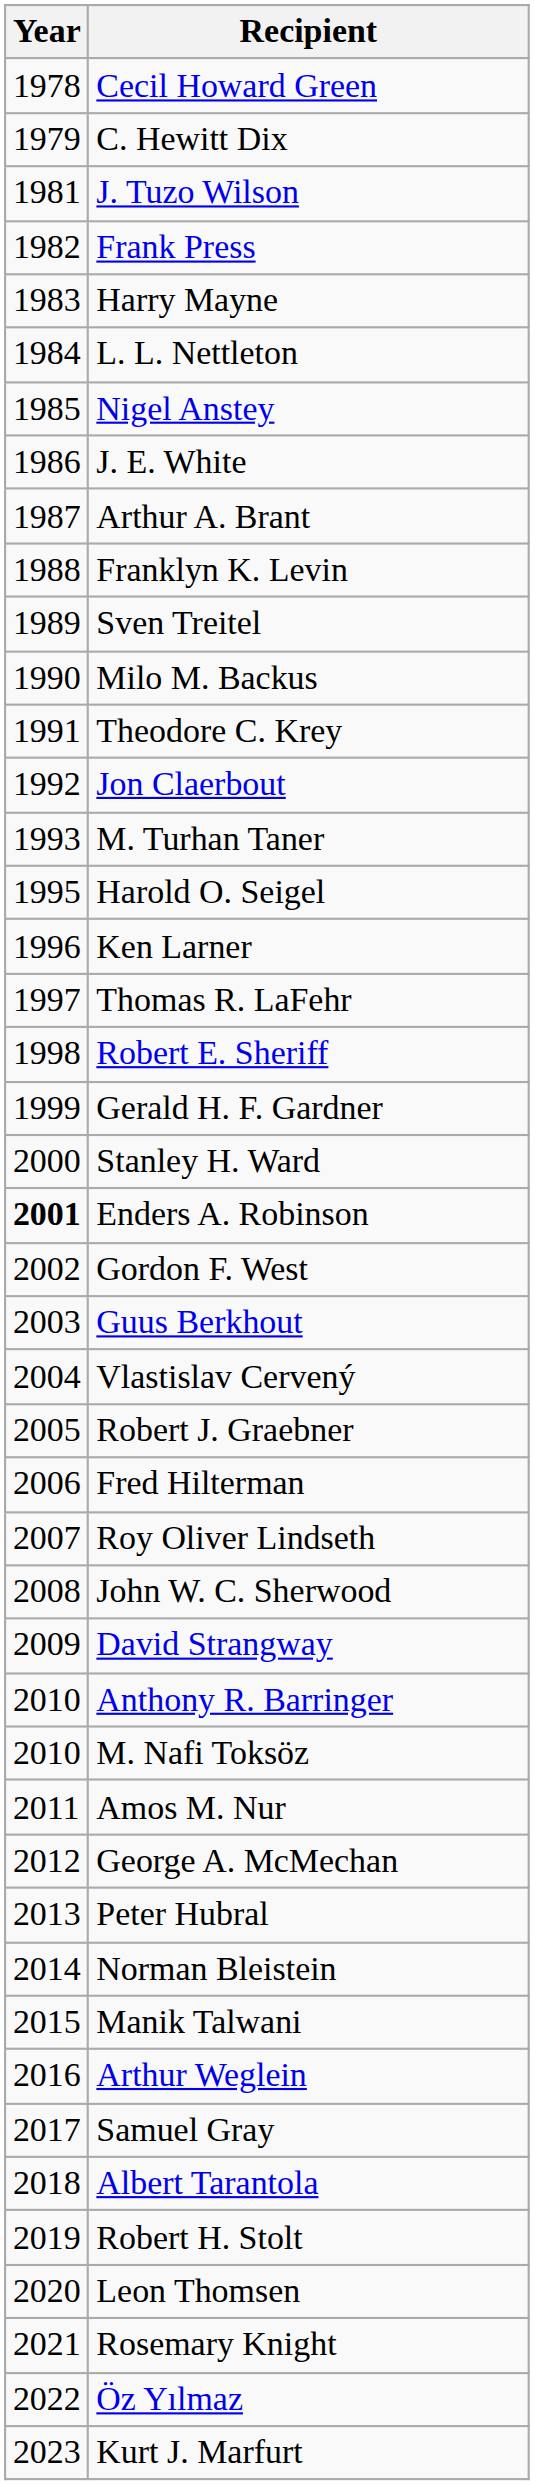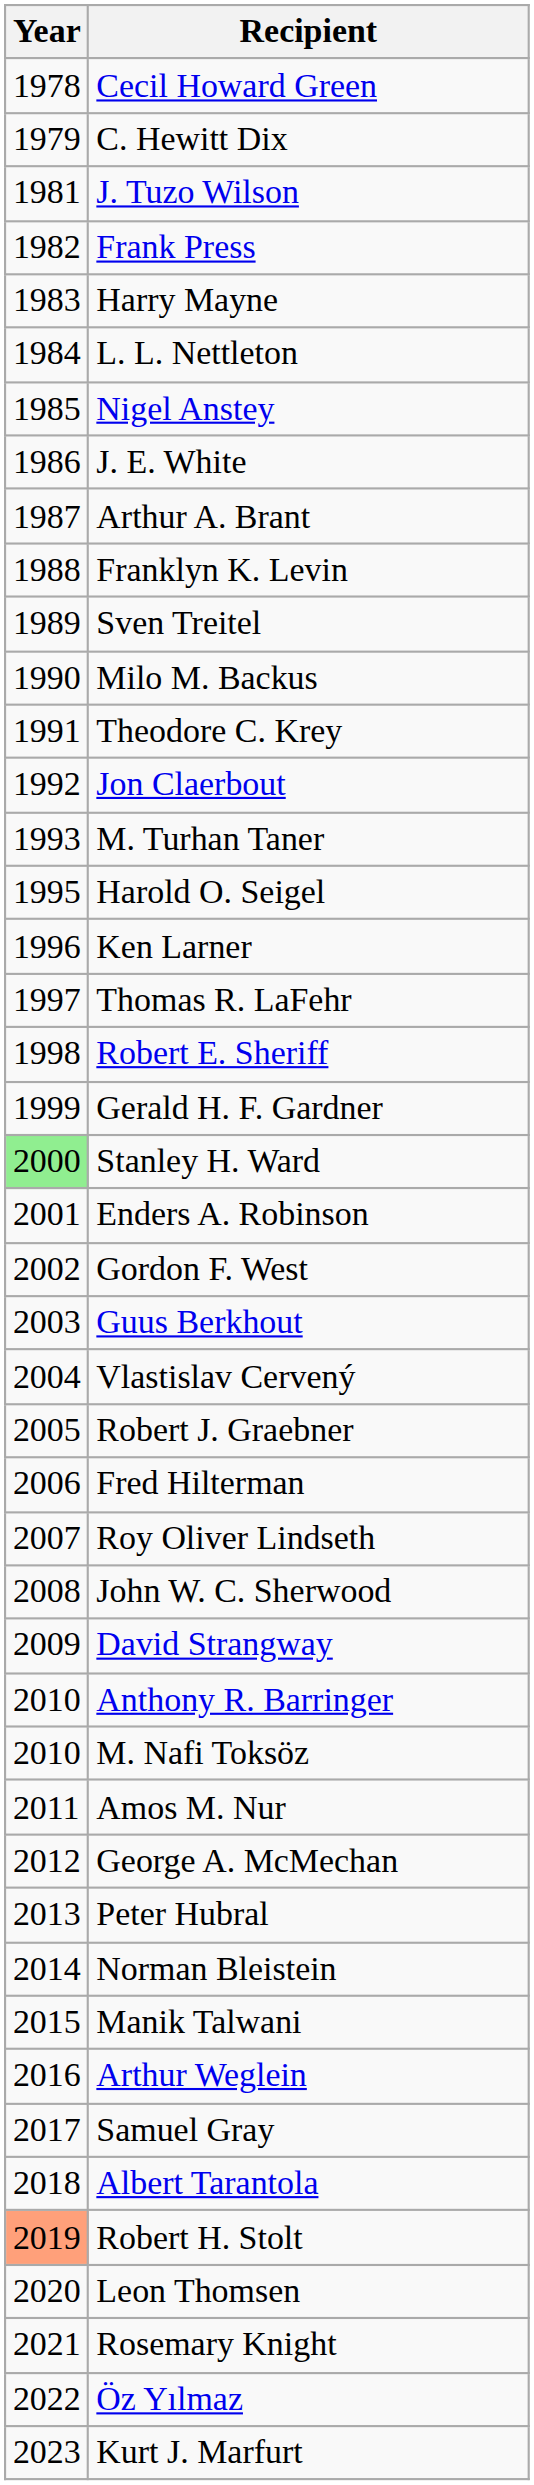 <table class="wikitable">
 <tr>
 <th>Year</th>
 <th width="200">Recipient</th>
 </tr>
 <tr>
 <td>1978</td>
 <td><a href='#'>Cecil Howard Green</a></td>
 </tr>
 <tr>
 <td>1979</td>
 <td>C. Hewitt Dix</td>
 </tr>
 <tr>
 <td>1981</td>
 <td><a href='#'>J. Tuzo Wilson</a></td>
 </tr>
 <tr>
 <td>1982</td>
 <td><a href='#'>Frank Press</a></td>
 </tr>
 <tr>
 <td>1983</td>
 <td>Harry Mayne</td>
 </tr>
 <tr .>
 <td>1984</td>
 <td>L. L. Nettleton</td>
 </tr>
 <tr>
 <td>1985</td>
 <td><a href='#'>Nigel Anstey</a></td>
 </tr>
 <tr>
 <td>1986</td>
 <td>J. E. White</td>
 </tr>
 <tr>
 <td>1987</td>
 <td>Arthur A. Brant</td>
 </tr>
 <tr>
 <td>1988</td>
 <td>Franklyn K. Levin</td>
 </tr>
 <tr>
 <td>1989</td>
 <td>Sven Treitel</td>
 </tr>
 <tr>
 <td>1990</td>
 <td>Milo M. Backus</td>
 </tr>
 <tr>
 <td>1991</td>
 <td>Theodore C. Krey</td>
 </tr>
 <tr>
 <td>1992</td>
 <td><a href='#'>Jon Claerbout</a></td>
 </tr>
 <tr>
 <td>1993</td>
 <td>M. Turhan Taner</td>
 </tr>
 <tr>
 <td>1995</td>
 <td>Harold O. Seigel</td>
 </tr>
 <tr>
 <td>1996</td>
 <td>Ken Larner</td>
 </tr>
 <tr>
 <td>1997</td>
 <td>Thomas R. LaFehr</td>
 </tr>
 <tr>
 <td>1998</td>
 <td><a href='#'>Robert E. Sheriff</a></td>
 </tr>
 <tr>
 <td>1999</td>
 <td>Gerald H. F. Gardner</td>
 </tr>
 <tr>
-<td>2000</td>
+<td style="background: lightgreen;">2000</td>
 <td>Stanley H. Ward</td>
 </tr>
 <tr>
-<td><strong>2001</strong></td>
+<td>2001</td>
 <td>Enders A. Robinson</td>
 </tr>
 <tr>
 <td>2002</td>
 <td>Gordon F. West</td>
 </tr>
 <tr>
 <td>2003</td>
 <td><a href='#'>Guus Berkhout</a></td>
 </tr>
 <tr>
 <td>2004</td>
 <td>Vlastislav Cervený</td>
 </tr>
 <tr>
 <td>2005</td>
 <td>Robert J. Graebner</td>
 </tr>
 <tr>
 <td>2006</td>
 <td>Fred Hilterman</td>
 </tr>
 <tr>
 <td>2007</td>
 <td>Roy Oliver Lindseth</td>
 </tr>
 <tr>
 <td>2008</td>
 <td>John W. C. Sherwood</td>
 </tr>
 <tr>
 <td>2009</td>
 <td><a href='#'>David Strangway</a></td>
 </tr>
 <tr>
 <td>2010</td>
 <td><a href='#'>Anthony R. Barringer</a></td>
 </tr>
 <tr>
 <td>2010</td>
 <td>M. Nafi Toksöz</td>
 </tr>
 <tr>
 <td>2011</td>
 <td>Amos M. Nur</td>
 </tr>
 <tr>
 <td>2012</td>
 <td>George A. McMechan</td>
 </tr>
 <tr>
 <td>2013</td>
 <td>Peter Hubral</td>
 </tr>
 <tr>
 <td>2014</td>
 <td>Norman Bleistein</td>
 </tr>
 <tr>
 <td>2015</td>
 <td>Manik Talwani</td>
 </tr>
 <tr>
 <td>2016</td>
 <td><a href='#'>Arthur Weglein</a></td>
 </tr>
 <tr>
 <td>2017</td>
 <td>Samuel Gray</td>
 </tr>
 <tr>
 <td>2018</td>
 <td><a href='#'>Albert Tarantola</a></td>
 </tr>
 <tr>
-<td>2019</td>
+<td style="background: lightsalmon;">2019</td>
 <td>Robert H. Stolt</td>
 </tr>
 <tr>
 <td>2020</td>
 <td>Leon Thomsen</td>
 </tr>
 <tr>
 <td>2021</td>
 <td>Rosemary Knight</td>
 </tr>
 <tr>
 <td>2022</td>
 <td><a href='#'>Öz Yılmaz</a></td>
 </tr>
 <tr>
 <td>2023</td>
 <td>Kurt J. Marfurt</td>
 </tr>
 </table>
